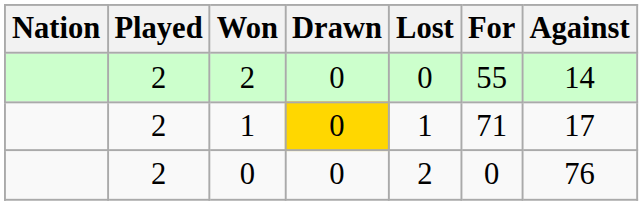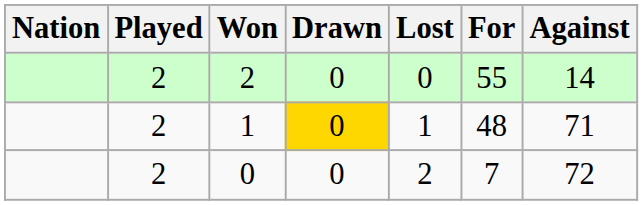 <table class="wikitable" style="text-align:center;">
 <tr>
 <th>Nation</th>
 <th>Played</th>
 <th>Won</th>
 <th>Drawn</th>
 <th>Lost</th>
 <th>For</th>
 <th>Against</th>
 </tr>
 <tr bgcolor=ccffcc>
 <td align=left></td>
 <td>2</td>
 <td>2</td>
 <td>0</td>
 <td>0</td>
 <td>55</td>
 <td>14</td>
 </tr>
 <tr>
 <td align=left></td>
 <td>2</td>
 <td>1</td>
 <td style="background: gold;">0</td>
 <td>1</td>
+<td>48</td>
 <td>71</td>
-<td>17</td>
 </tr>
 <tr>
 <td align=left></td>
 <td>2</td>
 <td>0</td>
 <td>0</td>
 <td>2</td>
-<td>0</td>
-<td>76</td>
+<td>7</td>
+<td>72</td>
 </tr>
 </table>
